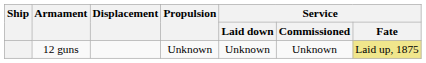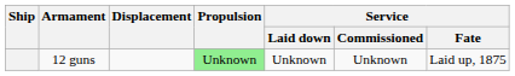 <table class="wikitable plainrowheaders" style="text-align: center;">
 <tr valign="top">
 <th scope="col" rowspan="2">Ship</th>
 <th scope="col" rowspan="2">Armament</th>
 <th scope="col" rowspan="2">Displacement</th>
 <th scope="col" rowspan="2">Propulsion</th>
 <th scope="col" colspan="3">Service</th>
 </tr>
 <tr valign="top">
 <th scope="col">Laid down</th>
 <th scope="col">Commissioned</th>
 <th scope="col">Fate</th>
 </tr>
 <tr valign="center">
 <th scope="row"></th>
 <td>12 guns</td>
 <td></td>
+<td style="background: lightgreen;">Unknown</td>
 <td>Unknown</td>
 <td>Unknown</td>
-<td>Unknown</td>
-<td style="background: khaki;">Laid up, 1875</td>
+<td>Laid up, 1875</td>
 </tr>
 </table>
